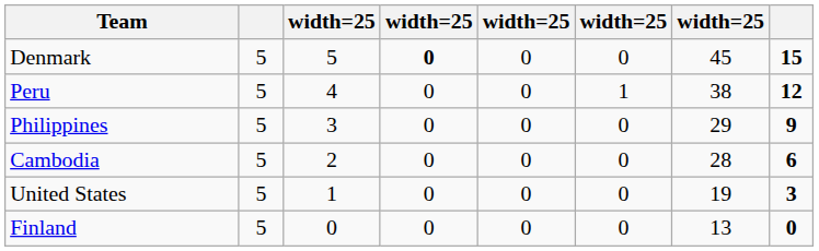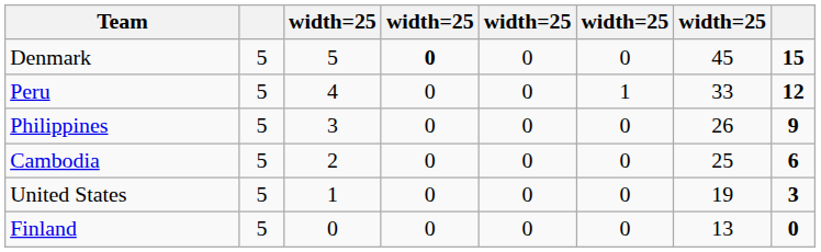 <table class="wikitable sortable" style="text-align: center; ">
 <tr>
 <th width=165>Team</th>
 <th width=25></th>
 <th>width=25</th>
 <th>width=25</th>
 <th>width=25</th>
 <th>width=25</th>
 <th>width=25</th>
 <th width=25></th>
 </tr>
 <tr>
 <td style="text-align:left;"> Denmark</td>
 <td>5</td>
 <td>5</td>
 <td><strong>0</strong></td>
 <td>0</td>
 <td>0</td>
 <td>45</td>
 <td><strong>15</strong></td>
 </tr>
 <tr>
 <td style="text-align:left;"> <a href='#'>Peru</a></td>
 <td>5</td>
 <td>4</td>
 <td>0</td>
 <td>0</td>
 <td>1</td>
-<td>38</td>
+<td>33</td>
 <td><strong>12</strong></td>
 </tr>
 <tr>
 <td style="text-align:left;"> <a href='#'>Philippines</a></td>
 <td>5</td>
 <td>3</td>
 <td>0</td>
 <td>0</td>
 <td>0</td>
-<td>29</td>
+<td>26</td>
 <td><strong>9</strong></td>
 </tr>
 <tr>
 <td style="text-align:left;"> <a href='#'>Cambodia</a></td>
 <td>5</td>
 <td>2</td>
 <td>0</td>
 <td>0</td>
 <td>0</td>
-<td>28</td>
+<td>25</td>
 <td><strong>6</strong></td>
 </tr>
 <tr>
 <td style="text-align:left;"> United States</td>
 <td>5</td>
 <td>1</td>
 <td>0</td>
 <td>0</td>
 <td>0</td>
 <td>19</td>
 <td><strong>3</strong></td>
 </tr>
 <tr>
 <td style="text-align:left;"> <a href='#'>Finland</a></td>
 <td>5</td>
 <td>0</td>
 <td>0</td>
 <td>0</td>
 <td>0</td>
 <td>13</td>
 <td><strong>0</strong></td>
 </tr>
 </table>
